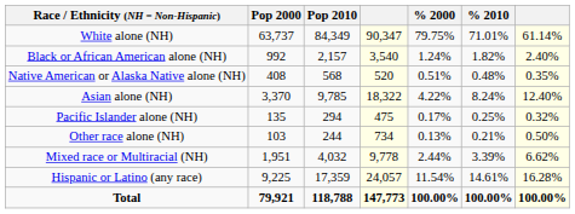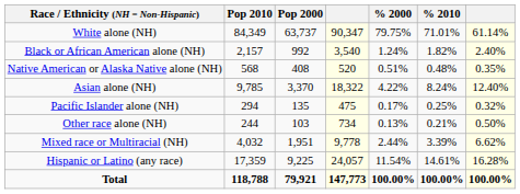 <table class="wikitable" style="text-align:center;">
 <tr>
 <th>Race / Ethnicity <small>(<em>NH = Non-Hispanic</em>)</small></th>
+<th>Pop 2010</th>
 <th>Pop 2000</th>
-<th>Pop 2010</th>
 <th></th>
 <th>% 2000</th>
 <th>% 2010</th>
 <th></th>
 </tr>
 <tr>
 <td><a href='#'>White</a> alone (NH)</td>
+<td>84,349</td>
 <td>63,737</td>
-<td>84,349</td>
 <td style='background: #ffffe6;'>90,347</td>
 <td>79.75%</td>
 <td>71.01%</td>
 <td style='background: #ffffe6;'>61.14%</td>
 </tr>
 <tr>
 <td><a href='#'>Black or African American</a> alone (NH)</td>
+<td>2,157</td>
 <td>992</td>
-<td>2,157</td>
 <td style='background: #ffffe6;'>3,540</td>
 <td>1.24%</td>
 <td>1.82%</td>
 <td style='background: #ffffe6;'>2.40%</td>
 </tr>
 <tr>
 <td><a href='#'>Native American</a> or <a href='#'>Alaska Native</a> alone (NH)</td>
+<td>568</td>
 <td>408</td>
-<td>568</td>
 <td style='background: #ffffe6;'>520</td>
 <td>0.51%</td>
 <td>0.48%</td>
 <td style='background: #ffffe6;'>0.35%</td>
 </tr>
 <tr>
 <td><a href='#'>Asian</a> alone (NH)</td>
+<td>9,785</td>
 <td>3,370</td>
-<td>9,785</td>
 <td style='background: #ffffe6;'>18,322</td>
 <td>4.22%</td>
 <td>8.24%</td>
 <td style='background: #ffffe6;'>12.40%</td>
 </tr>
 <tr>
 <td><a href='#'>Pacific Islander</a> alone (NH)</td>
+<td>294</td>
 <td>135</td>
-<td>294</td>
 <td style='background: #ffffe6;'>475</td>
 <td>0.17%</td>
 <td>0.25%</td>
 <td style='background: #ffffe6;'>0.32%</td>
 </tr>
 <tr>
 <td><a href='#'>Other race</a> alone (NH)</td>
+<td>244</td>
 <td>103</td>
-<td>244</td>
 <td style='background: #ffffe6;'>734</td>
 <td>0.13%</td>
 <td>0.21%</td>
 <td style='background: #ffffe6;'>0.50%</td>
 </tr>
 <tr>
 <td><a href='#'>Mixed race or Multiracial</a> (NH)</td>
+<td>4,032</td>
 <td>1,951</td>
-<td>4,032</td>
 <td style='background: #ffffe6;'>9,778</td>
 <td>2.44%</td>
 <td>3.39%</td>
 <td style='background: #ffffe6;'>6.62%</td>
 </tr>
 <tr>
 <td><a href='#'>Hispanic or Latino</a> (any race)</td>
+<td>17,359</td>
 <td>9,225</td>
-<td>17,359</td>
 <td style='background: #ffffe6;'>24,057</td>
 <td>11.54%</td>
 <td>14.61%</td>
 <td style='background: #ffffe6;'>16.28%</td>
 </tr>
 <tr>
 <td><strong>Total</strong></td>
+<td><strong>118,788</strong></td>
 <td><strong>79,921</strong></td>
-<td><strong>118,788</strong></td>
 <td style='background: #ffffe6;'><strong>147,773</strong></td>
 <td><strong>100.00%</strong></td>
 <td><strong>100.00%</strong></td>
 <td style='background: #ffffe6;'><strong>100.00%</strong></td>
 </tr>
 </table>
